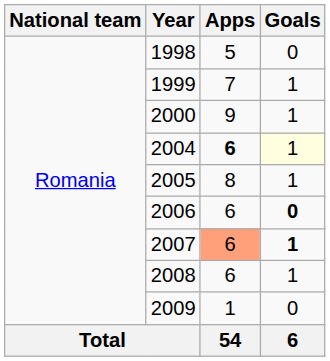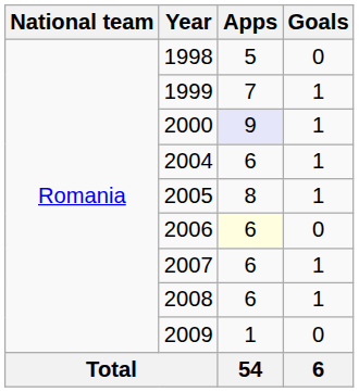 <table class="wikitable" style="text-align:center">
 <tr>
 <th>National team</th>
 <th>Year</th>
 <th>Apps</th>
 <th>Goals</th>
 </tr>
 <tr>
 <td rowspan="9"><a href='#'>Romania</a></td>
 <td>1998</td>
 <td>5</td>
 <td>0</td>
 </tr>
 <tr>
 <td>1999</td>
 <td>7</td>
 <td>1</td>
 </tr>
 <tr>
 <td>2000</td>
-<td>9</td>
+<td style="background: lavender;">9</td>
 <td>1</td>
 </tr>
 <tr>
 <td>2004</td>
-<td><strong>6</strong></td>
-<td style="background: lightyellow;">1</td>
+<td>6</td>
+<td>1</td>
 </tr>
 <tr>
 <td>2005</td>
 <td>8</td>
 <td>1</td>
 </tr>
 <tr>
 <td>2006</td>
-<td>6</td>
-<td><strong>0</strong></td>
+<td style="background: lightyellow;">6</td>
+<td>0</td>
 </tr>
 <tr>
 <td>2007</td>
-<td style="background: lightsalmon;">6</td>
-<td><strong>1</strong></td>
+<td>6</td>
+<td>1</td>
 </tr>
 <tr>
 <td>2008</td>
 <td>6</td>
 <td>1</td>
 </tr>
 <tr>
 <td>2009</td>
 <td>1</td>
 <td>0</td>
 </tr>
 <tr>
 <th colspan="2">Total</th>
 <th>54</th>
 <th>6</th>
 </tr>
 </table>
